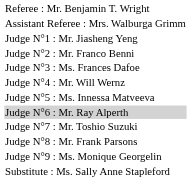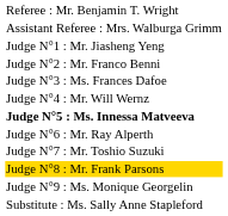 <table>
 <tr>
 <td>Referee : Mr. Benjamin T. Wright</td>
 </tr>
 <tr>
 <td>Assistant Referee : Mrs. Walburga Grimm</td>
 </tr>
 <tr>
 <td>Judge N°1 : Mr. Jiasheng Yeng </td>
 </tr>
 <tr>
 <td>Judge N°2 : Mr. Franco Benni </td>
 </tr>
 <tr>
 <td>Judge N°3 : Ms. Frances Dafoe </td>
 </tr>
 <tr>
 <td>Judge N°4 : Mr. Will Wernz </td>
 </tr>
 <tr>
-<td>Judge N°5 : Ms. Innessa Matveeva </td>
+<td><strong>Judge N°5 : Ms. Innessa Matveeva </strong></td>
 </tr>
 <tr>
-<td style="background: lightgrey;">Judge N°6 : Mr. Ray Alperth </td>
+<td>Judge N°6 : Mr. Ray Alperth </td>
 </tr>
 <tr>
 <td>Judge N°7 : Mr. Toshio Suzuki </td>
 </tr>
 <tr>
-<td>Judge N°8 : Mr. Frank Parsons </td>
+<td style="background: gold;">Judge N°8 : Mr. Frank Parsons </td>
 </tr>
 <tr>
 <td>Judge N°9 : Ms. Monique Georgelin </td>
 </tr>
 <tr>
 <td>Substitute : Ms. Sally Anne Stapleford </td>
 </tr>
 </table>
